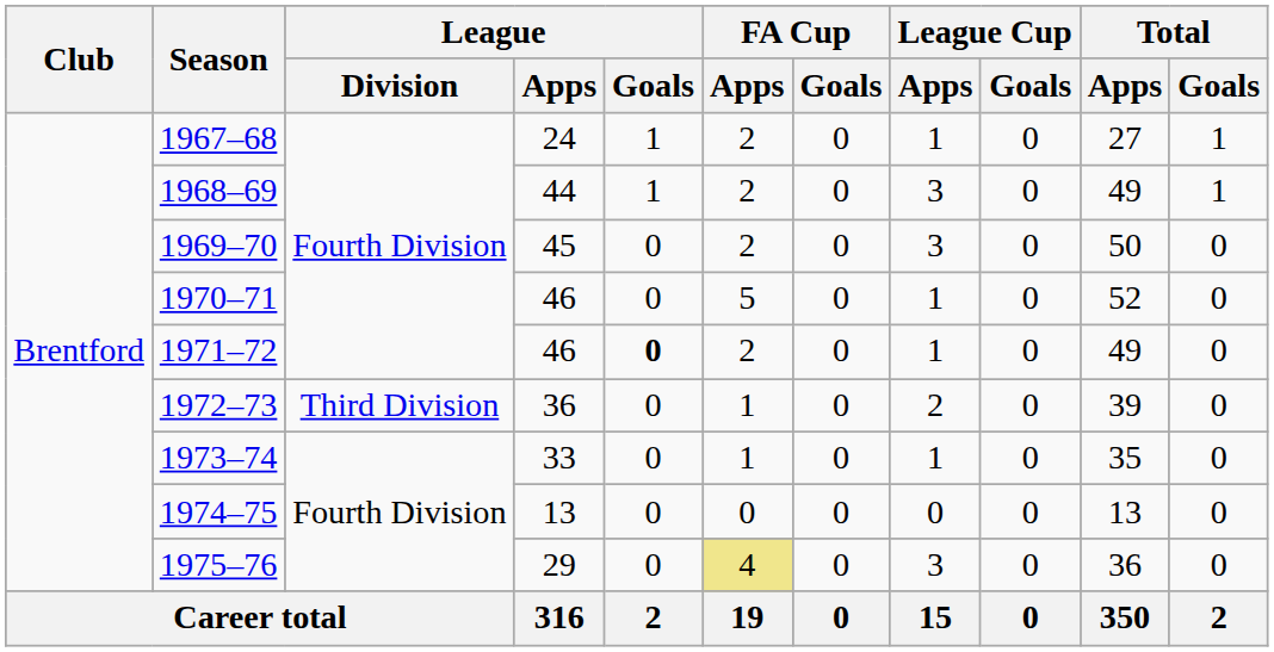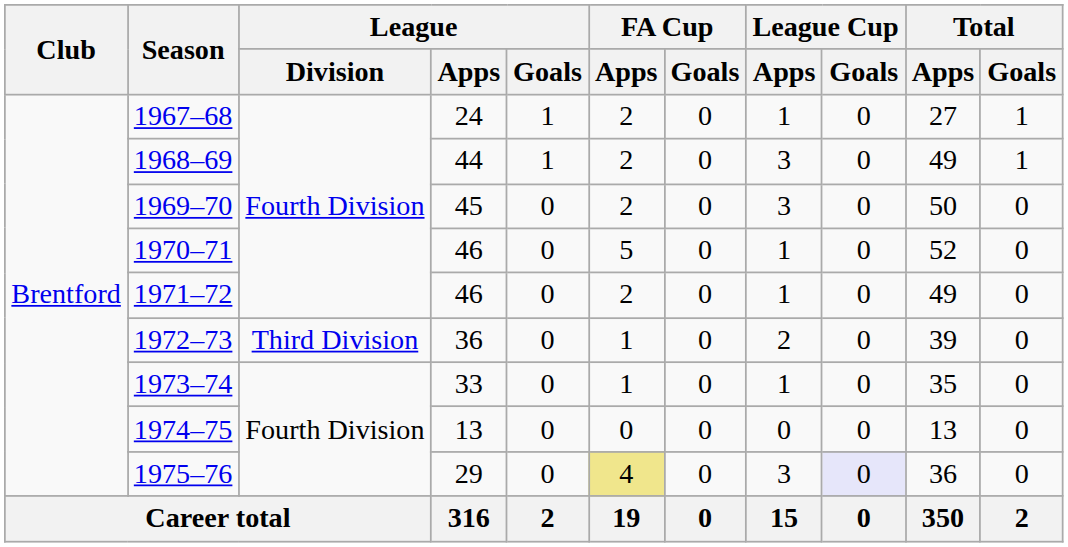 <table class="wikitable" style="text-align: center;">
 <tr>
 <th rowspan="2">Club</th>
 <th rowspan="2">Season</th>
 <th colspan="3">League</th>
 <th colspan="2">FA Cup</th>
 <th colspan="2">League Cup</th>
 <th colspan="2">Total</th>
 </tr>
 <tr>
 <th>Division</th>
 <th>Apps</th>
 <th>Goals</th>
 <th>Apps</th>
 <th>Goals</th>
 <th>Apps</th>
 <th>Goals</th>
 <th>Apps</th>
 <th>Goals</th>
 </tr>
 <tr>
 <td rowspan="9"><a href='#'>Brentford</a></td>
 <td><a href='#'>1967–68</a></td>
 <td rowspan="5"><a href='#'>Fourth Division</a></td>
 <td>24</td>
 <td>1</td>
 <td>2</td>
 <td>0</td>
 <td>1</td>
 <td>0</td>
 <td>27</td>
 <td>1</td>
 </tr>
 <tr>
 <td><a href='#'>1968–69</a></td>
 <td>44</td>
 <td>1</td>
 <td>2</td>
 <td>0</td>
 <td>3</td>
 <td>0</td>
 <td>49</td>
 <td>1</td>
 </tr>
 <tr>
 <td><a href='#'>1969–70</a></td>
 <td>45</td>
 <td>0</td>
 <td>2</td>
 <td>0</td>
 <td>3</td>
 <td>0</td>
 <td>50</td>
 <td>0</td>
 </tr>
 <tr>
 <td><a href='#'>1970–71</a></td>
 <td>46</td>
 <td>0</td>
 <td>5</td>
 <td>0</td>
 <td>1</td>
 <td>0</td>
 <td>52</td>
 <td>0</td>
 </tr>
 <tr>
 <td><a href='#'>1971–72</a></td>
 <td>46</td>
-<td><strong>0</strong></td>
+<td>0</td>
 <td>2</td>
 <td>0</td>
 <td>1</td>
 <td>0</td>
 <td>49</td>
 <td>0</td>
 </tr>
 <tr>
 <td><a href='#'>1972–73</a></td>
 <td><a href='#'>Third Division</a></td>
 <td>36</td>
 <td>0</td>
 <td>1</td>
 <td>0</td>
 <td>2</td>
 <td>0</td>
 <td>39</td>
 <td>0</td>
 </tr>
 <tr>
 <td><a href='#'>1973–74</a></td>
 <td rowspan="3">Fourth Division</td>
 <td>33</td>
 <td>0</td>
 <td>1</td>
 <td>0</td>
 <td>1</td>
 <td>0</td>
 <td>35</td>
 <td>0</td>
 </tr>
 <tr>
 <td><a href='#'>1974–75</a></td>
 <td>13</td>
 <td>0</td>
 <td>0</td>
 <td>0</td>
 <td>0</td>
 <td>0</td>
 <td>13</td>
 <td>0</td>
 </tr>
 <tr>
 <td><a href='#'>1975–76</a></td>
 <td>29</td>
 <td>0</td>
 <td style="background: khaki;">4</td>
 <td>0</td>
 <td>3</td>
-<td>0</td>
+<td style="background: lavender;">0</td>
 <td>36</td>
 <td>0</td>
 </tr>
 <tr>
 <th colspan="3">Career total</th>
 <th>316</th>
 <th>2</th>
 <th>19</th>
 <th>0</th>
 <th>15</th>
 <th>0</th>
 <th>350</th>
 <th>2</th>
 </tr>
 </table>
